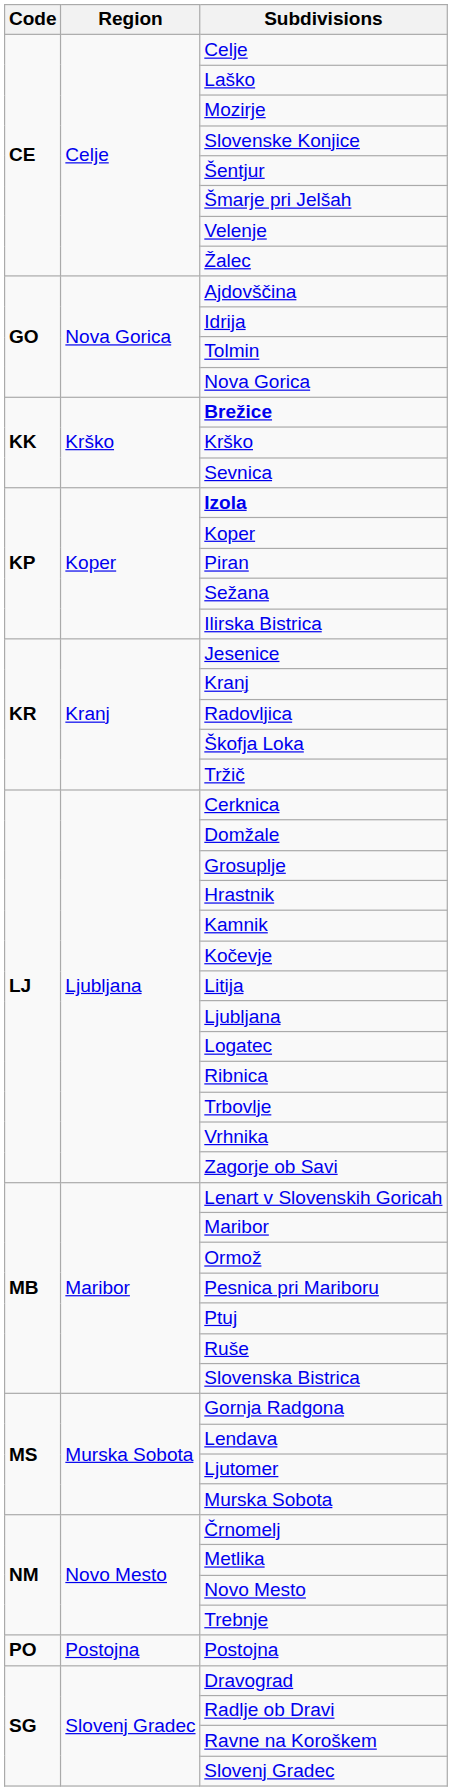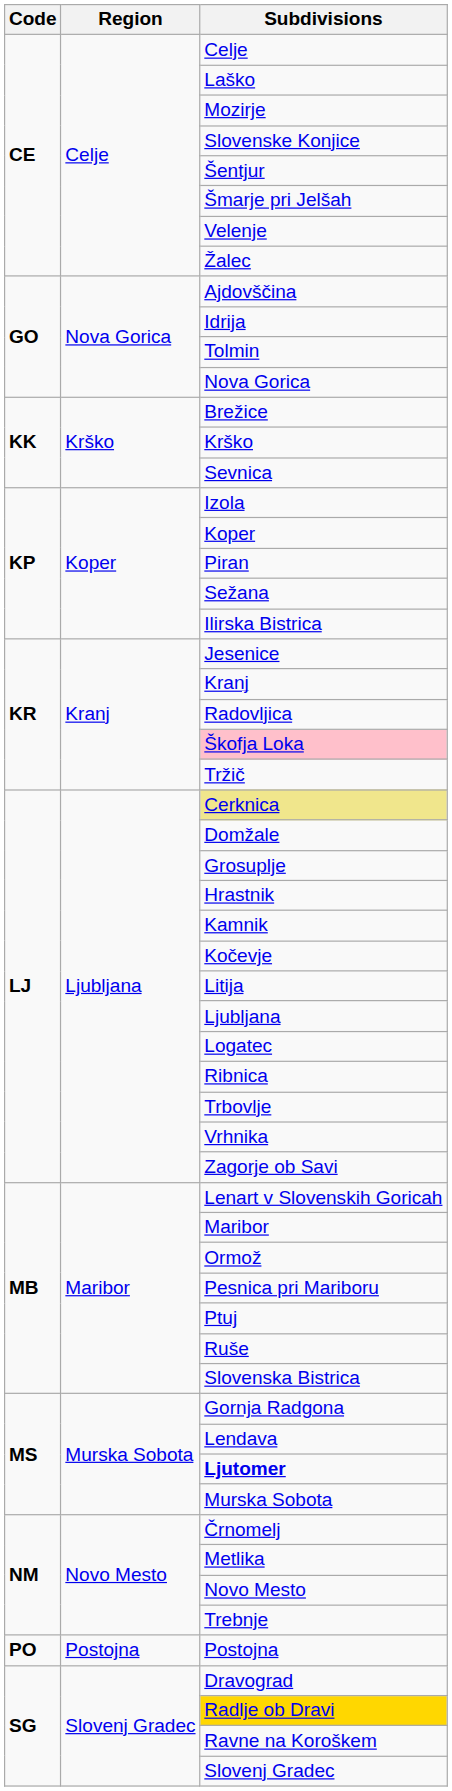 <table class="wikitable">
 <tr>
 <th>Code</th>
 <th>Region</th>
 <th>Subdivisions</th>
 </tr>
 <tr>
 <td rowspan="8"><strong>CE</strong></td>
 <td rowspan="8"><a href='#'>Celje</a></td>
 <td><a href='#'>Celje</a></td>
 </tr>
 <tr>
 <td><a href='#'>Laško</a></td>
 </tr>
 <tr>
 <td><a href='#'>Mozirje</a></td>
 </tr>
 <tr>
 <td><a href='#'>Slovenske Konjice</a></td>
 </tr>
 <tr>
 <td><a href='#'>Šentjur</a></td>
 </tr>
 <tr>
 <td><a href='#'>Šmarje pri Jelšah</a></td>
 </tr>
 <tr>
 <td><a href='#'>Velenje</a></td>
 </tr>
 <tr>
 <td><a href='#'>Žalec</a></td>
 </tr>
 <tr>
 <td rowspan="4"><strong>GO</strong></td>
 <td rowspan="4"><a href='#'>Nova Gorica</a></td>
 <td><a href='#'>Ajdovščina</a></td>
 </tr>
 <tr>
 <td><a href='#'>Idrija</a></td>
 </tr>
 <tr>
 <td><a href='#'>Tolmin</a></td>
 </tr>
 <tr>
 <td><a href='#'>Nova Gorica</a></td>
 </tr>
 <tr>
 <td rowspan="3"><strong>KK</strong></td>
 <td rowspan="3"><a href='#'>Krško</a></td>
-<td><strong><a href='#'>Brežice</a></strong></td>
+<td><a href='#'>Brežice</a></td>
 </tr>
 <tr>
 <td><a href='#'>Krško</a></td>
 </tr>
 <tr>
 <td><a href='#'>Sevnica</a></td>
 </tr>
 <tr>
 <td rowspan="5"><strong>KP</strong></td>
 <td rowspan="5"><a href='#'>Koper</a></td>
-<td><strong><a href='#'>Izola</a></strong></td>
+<td><a href='#'>Izola</a></td>
 </tr>
 <tr>
 <td><a href='#'>Koper</a></td>
 </tr>
 <tr>
 <td><a href='#'>Piran</a></td>
 </tr>
 <tr>
 <td><a href='#'>Sežana</a></td>
 </tr>
 <tr>
 <td><a href='#'>Ilirska Bistrica</a></td>
 </tr>
 <tr>
 <td rowspan="5"><strong>KR</strong></td>
 <td rowspan="5"><a href='#'>Kranj</a></td>
 <td><a href='#'>Jesenice</a></td>
 </tr>
 <tr>
 <td><a href='#'>Kranj</a></td>
 </tr>
 <tr>
 <td><a href='#'>Radovljica</a></td>
 </tr>
 <tr>
-<td><a href='#'>Škofja Loka</a></td>
+<td style="background: pink;"><a href='#'>Škofja Loka</a></td>
 </tr>
 <tr>
 <td><a href='#'>Tržič</a></td>
 </tr>
 <tr>
 <td rowspan="13"><strong>LJ</strong></td>
 <td rowspan="13"><a href='#'>Ljubljana</a></td>
-<td><a href='#'>Cerknica</a></td>
+<td style="background: khaki;"><a href='#'>Cerknica</a></td>
 </tr>
 <tr>
 <td><a href='#'>Domžale</a></td>
 </tr>
 <tr>
 <td><a href='#'>Grosuplje</a></td>
 </tr>
 <tr>
 <td><a href='#'>Hrastnik</a></td>
 </tr>
 <tr>
 <td><a href='#'>Kamnik</a></td>
 </tr>
 <tr>
 <td><a href='#'>Kočevje</a></td>
 </tr>
 <tr>
 <td><a href='#'>Litija</a></td>
 </tr>
 <tr>
 <td><a href='#'>Ljubljana</a></td>
 </tr>
 <tr>
 <td><a href='#'>Logatec</a></td>
 </tr>
 <tr>
 <td><a href='#'>Ribnica</a></td>
 </tr>
 <tr>
 <td><a href='#'>Trbovlje</a></td>
 </tr>
 <tr>
 <td><a href='#'>Vrhnika</a></td>
 </tr>
 <tr>
 <td><a href='#'>Zagorje ob Savi</a></td>
 </tr>
 <tr>
 <td rowspan="7"><strong>MB</strong></td>
 <td rowspan="7"><a href='#'>Maribor</a></td>
 <td><a href='#'>Lenart v Slovenskih Goricah</a></td>
 </tr>
 <tr>
 <td><a href='#'>Maribor</a></td>
 </tr>
 <tr>
 <td><a href='#'>Ormož</a></td>
 </tr>
 <tr>
 <td><a href='#'>Pesnica pri Mariboru</a></td>
 </tr>
 <tr>
 <td><a href='#'>Ptuj</a></td>
 </tr>
 <tr>
 <td><a href='#'>Ruše</a></td>
 </tr>
 <tr>
 <td><a href='#'>Slovenska Bistrica</a></td>
 </tr>
 <tr>
 <td rowspan="4"><strong>MS</strong></td>
 <td rowspan="4"><a href='#'>Murska Sobota</a></td>
 <td><a href='#'>Gornja Radgona</a></td>
 </tr>
 <tr>
 <td><a href='#'>Lendava</a></td>
 </tr>
 <tr>
-<td><a href='#'>Ljutomer</a></td>
+<td><strong><a href='#'>Ljutomer</a></strong></td>
 </tr>
 <tr>
 <td><a href='#'>Murska Sobota</a></td>
 </tr>
 <tr>
 <td rowspan="4"><strong>NM</strong></td>
 <td rowspan="4"><a href='#'>Novo Mesto</a></td>
 <td><a href='#'>Črnomelj</a></td>
 </tr>
 <tr>
 <td><a href='#'>Metlika</a></td>
 </tr>
 <tr>
 <td><a href='#'>Novo Mesto</a></td>
 </tr>
 <tr>
 <td><a href='#'>Trebnje</a></td>
 </tr>
 <tr>
 <td><strong>PO</strong></td>
 <td><a href='#'>Postojna</a></td>
 <td><a href='#'>Postojna</a></td>
 </tr>
 <tr>
 <td rowspan="4"><strong>SG</strong></td>
 <td rowspan="4"><a href='#'>Slovenj Gradec</a></td>
 <td><a href='#'>Dravograd</a></td>
 </tr>
 <tr>
-<td><a href='#'>Radlje ob Dravi</a></td>
+<td style="background: gold;"><a href='#'>Radlje ob Dravi</a></td>
 </tr>
 <tr>
 <td><a href='#'>Ravne na Koroškem</a></td>
 </tr>
 <tr>
 <td><a href='#'>Slovenj Gradec</a></td>
 </tr>
 </table>
